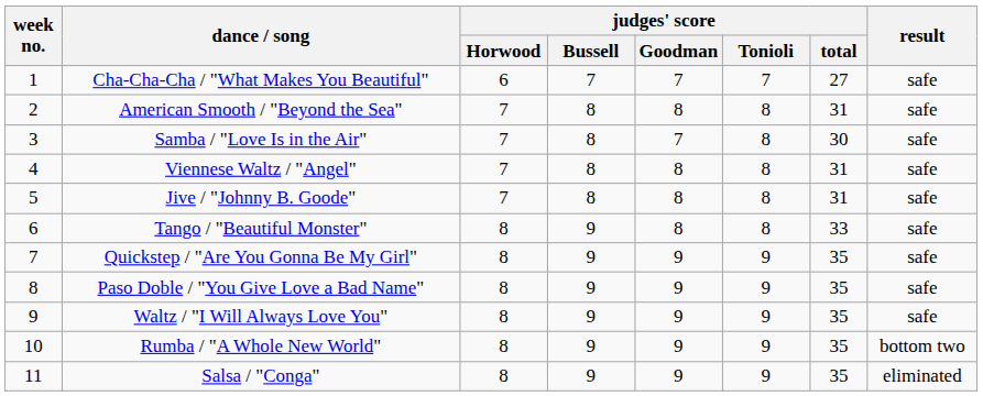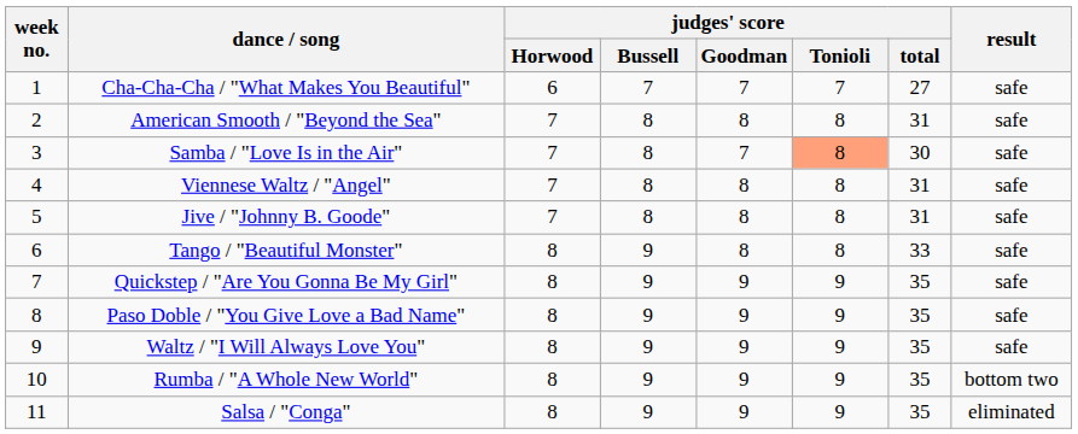 <table class=wikitable style="float:left; text-align:center">
 <tr>
 <th rowspan=2>week<br>no.</th>
 <th rowspan=2>dance / song</th>
 <th colspan=5>judges' score</th>
 <th rowspan=2>result</th>
 </tr>
 <tr>
 <th style=width:9%>Horwood</th>
 <th style=width:9%>Bussell</th>
 <th style=width:9%>Goodman</th>
 <th style=width:9%>Tonioli</th>
 <th style=width:6%>total</th>
 </tr>
 <tr>
 <td>1</td>
 <td><a href='#'>Cha-Cha-Cha</a> / "<a href='#'>What Makes You Beautiful</a>"</td>
 <td>6</td>
 <td>7</td>
 <td>7</td>
 <td>7</td>
 <td>27</td>
 <td>safe</td>
 </tr>
 <tr>
 <td>2</td>
 <td><a href='#'>American Smooth</a> / "<a href='#'>Beyond the Sea</a>"</td>
 <td>7</td>
 <td>8</td>
 <td>8</td>
 <td>8</td>
 <td>31</td>
 <td>safe</td>
 </tr>
 <tr>
 <td>3</td>
 <td><a href='#'>Samba</a> / "<a href='#'>Love Is in the Air</a>"</td>
 <td>7</td>
 <td>8</td>
 <td>7</td>
-<td>8</td>
+<td style="background: lightsalmon;">8</td>
 <td>30</td>
 <td>safe</td>
 </tr>
 <tr>
 <td>4</td>
 <td><a href='#'>Viennese Waltz</a> / "<a href='#'>Angel</a>"</td>
 <td>7</td>
 <td>8</td>
 <td>8</td>
 <td>8</td>
 <td>31</td>
 <td>safe</td>
 </tr>
 <tr>
 <td>5</td>
 <td><a href='#'>Jive</a> / "<a href='#'>Johnny B. Goode</a>"</td>
 <td>7</td>
 <td>8</td>
 <td>8</td>
 <td>8</td>
 <td>31</td>
 <td>safe</td>
 </tr>
 <tr>
 <td>6</td>
 <td><a href='#'>Tango</a> / "<a href='#'>Beautiful Monster</a>"</td>
 <td>8</td>
 <td>9</td>
 <td>8</td>
 <td>8</td>
 <td>33</td>
 <td>safe</td>
 </tr>
 <tr>
 <td>7</td>
 <td><a href='#'>Quickstep</a> / "<a href='#'>Are You Gonna Be My Girl</a>"</td>
 <td>8</td>
 <td>9</td>
 <td>9</td>
 <td>9</td>
 <td>35</td>
 <td>safe</td>
 </tr>
 <tr>
 <td>8</td>
 <td><a href='#'>Paso Doble</a> / "<a href='#'>You Give Love a Bad Name</a>"</td>
 <td>8</td>
 <td>9</td>
 <td>9</td>
 <td>9</td>
 <td>35</td>
 <td>safe</td>
 </tr>
 <tr>
 <td>9</td>
 <td><a href='#'>Waltz</a> / "<a href='#'>I Will Always Love You</a>"</td>
 <td>8</td>
 <td>9</td>
 <td>9</td>
 <td>9</td>
 <td>35</td>
 <td>safe</td>
 </tr>
 <tr>
 <td>10</td>
 <td><a href='#'>Rumba</a> / "<a href='#'>A Whole New World</a>"</td>
 <td>8</td>
 <td>9</td>
 <td>9</td>
 <td>9</td>
 <td>35</td>
 <td>bottom two</td>
 </tr>
 <tr>
 <td>11</td>
 <td><a href='#'>Salsa</a> / "<a href='#'>Conga</a>"</td>
 <td>8</td>
 <td>9</td>
 <td>9</td>
 <td>9</td>
 <td>35</td>
 <td>eliminated</td>
 </tr>
 </table>
